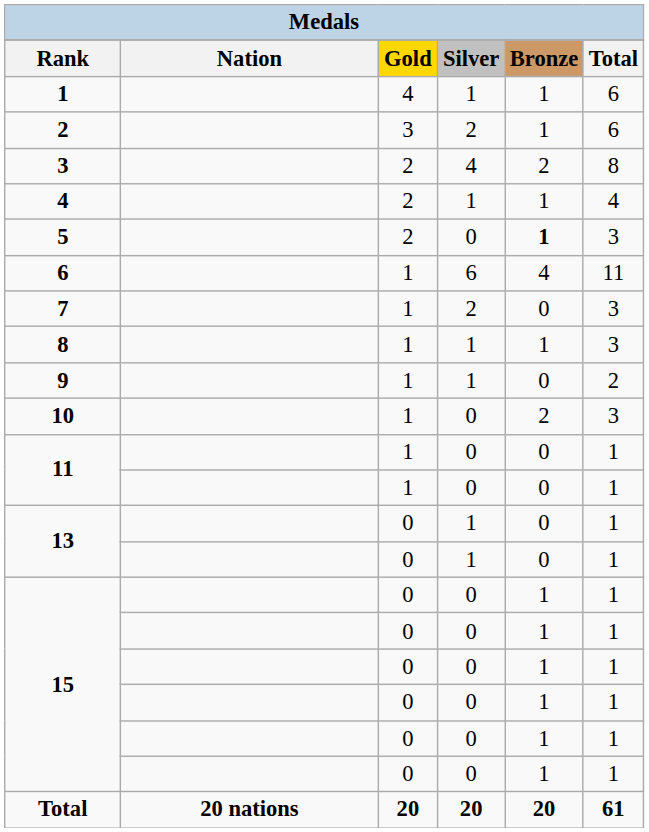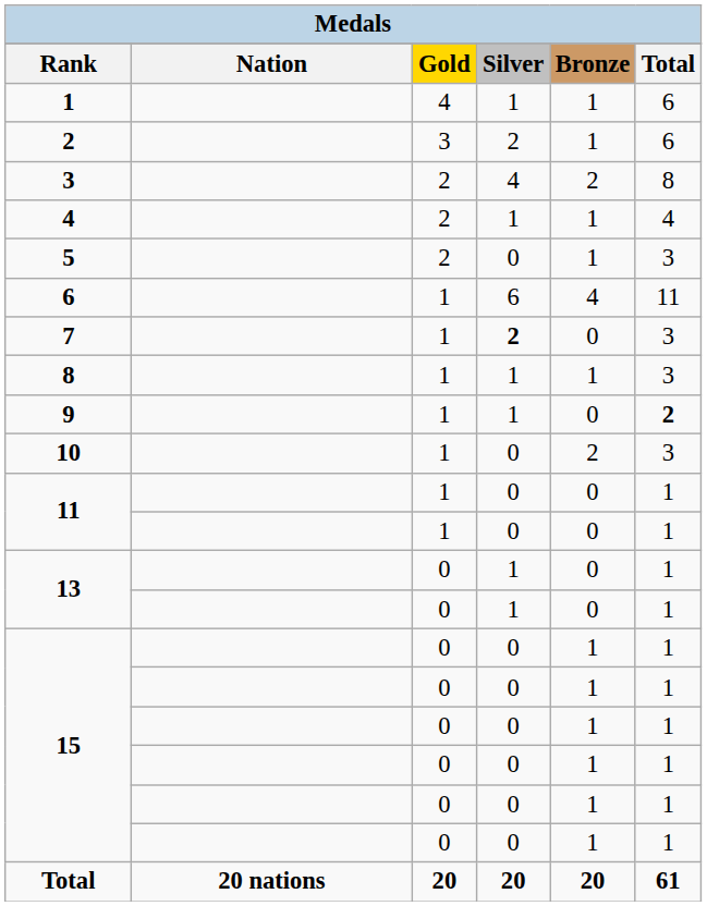 <table class="wikitable" style="text-align:center">
 <tr>
 <td colspan="6" style="background:#BCD4E6"><strong>Medals</strong></td>
 </tr>
 <tr>
 </tr>
 <tr style="background-color:#EDEDED;">
 <th width="75px" class="hintergrundfarbe5">Rank</th>
 <th width="175px" class="hintergrundfarbe6">Nation</th>
 <th style="background:    gold; width:35px ">Gold</th>
 <th style="background:  silver; width:35px ">Silver</th>
 <th style="background: #CC9966; width:35px ">Bronze</th>
 <th width="35px">Total</th>
 </tr>
 <tr>
 <td><strong>1</strong></td>
 <td align=left></td>
 <td>4</td>
 <td>1</td>
 <td>1</td>
 <td>6</td>
 </tr>
 <tr>
 <td><strong>2</strong></td>
 <td align=left></td>
 <td>3</td>
 <td>2</td>
 <td>1</td>
 <td>6</td>
 </tr>
 <tr>
 <td><strong>3</strong></td>
 <td align=left></td>
 <td>2</td>
 <td>4</td>
 <td>2</td>
 <td>8</td>
 </tr>
 <tr>
 <td><strong>4</strong></td>
 <td align=left></td>
 <td>2</td>
 <td>1</td>
 <td>1</td>
 <td>4</td>
 </tr>
 <tr>
 <td><strong>5</strong></td>
 <td align=left></td>
 <td>2</td>
 <td>0</td>
-<td><strong>1</strong></td>
+<td>1</td>
 <td>3</td>
 </tr>
 <tr>
 <td><strong>6</strong></td>
 <td align=left></td>
 <td>1</td>
 <td>6</td>
 <td>4</td>
 <td>11</td>
 </tr>
 <tr>
 <td><strong>7</strong></td>
 <td align=left></td>
 <td>1</td>
-<td>2</td>
+<td><strong>2</strong></td>
 <td>0</td>
 <td>3</td>
 </tr>
 <tr>
 <td><strong>8</strong></td>
 <td align=left><em></em></td>
 <td>1</td>
 <td>1</td>
 <td>1</td>
 <td>3</td>
 </tr>
 <tr>
 <td><strong>9</strong></td>
 <td align=left></td>
 <td>1</td>
 <td>1</td>
 <td>0</td>
-<td>2</td>
+<td><strong>2</strong></td>
 </tr>
 <tr>
 <td><strong>10</strong></td>
 <td align=left></td>
 <td>1</td>
 <td>0</td>
 <td>2</td>
 <td>3</td>
 </tr>
 <tr>
 <td rowspan=2><strong>11</strong></td>
 <td align=left></td>
 <td>1</td>
 <td>0</td>
 <td>0</td>
 <td>1</td>
 </tr>
 <tr>
 <td align=left></td>
 <td>1</td>
 <td>0</td>
 <td>0</td>
 <td>1</td>
 </tr>
 <tr>
 <td rowspan=2><strong>13</strong></td>
 <td align=left></td>
 <td>0</td>
 <td>1</td>
 <td>0</td>
 <td>1</td>
 </tr>
 <tr>
 <td align=left><em></em></td>
 <td>0</td>
 <td>1</td>
 <td>0</td>
 <td>1</td>
 </tr>
 <tr>
 <td rowspan=6><strong>15</strong></td>
 <td align=left></td>
 <td>0</td>
 <td>0</td>
 <td>1</td>
 <td>1</td>
 </tr>
 <tr>
 <td align=left></td>
 <td>0</td>
 <td>0</td>
 <td>1</td>
 <td>1</td>
 </tr>
 <tr>
 <td align=left></td>
 <td>0</td>
 <td>0</td>
 <td>1</td>
 <td>1</td>
 </tr>
 <tr>
 <td align=left><em></em></td>
 <td>0</td>
 <td>0</td>
 <td>1</td>
 <td>1</td>
 </tr>
 <tr>
 <td align=left></td>
 <td>0</td>
 <td>0</td>
 <td>1</td>
 <td>1</td>
 </tr>
 <tr>
 <td align=left><em></em></td>
 <td>0</td>
 <td>0</td>
 <td>1</td>
 <td>1</td>
 </tr>
 <tr>
 <td><strong>Total</strong></td>
 <td><strong>20 nations</strong></td>
 <td><strong>20</strong></td>
 <td><strong>20</strong></td>
 <td><strong>20</strong></td>
 <td><strong>61</strong></td>
 </tr>
 </table>
